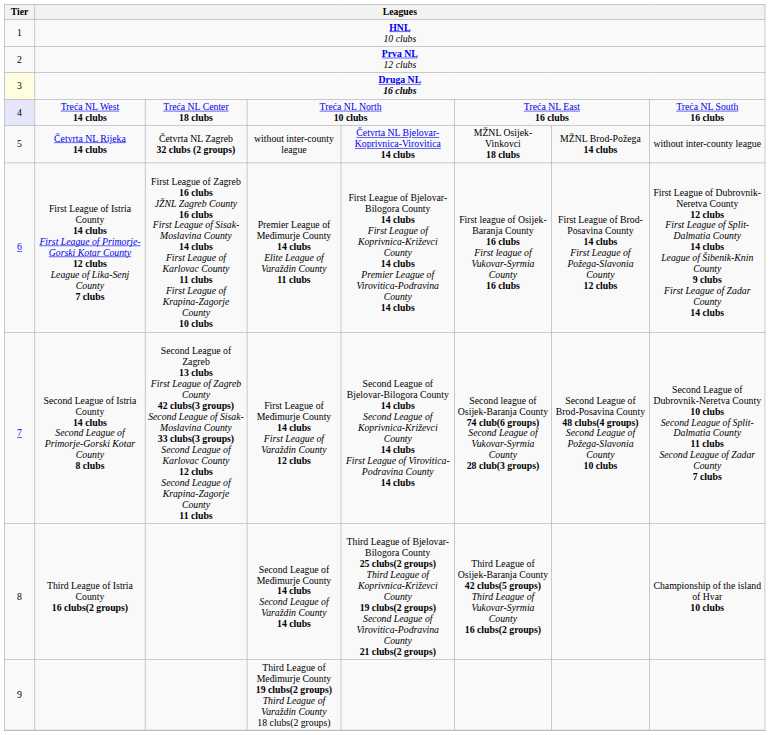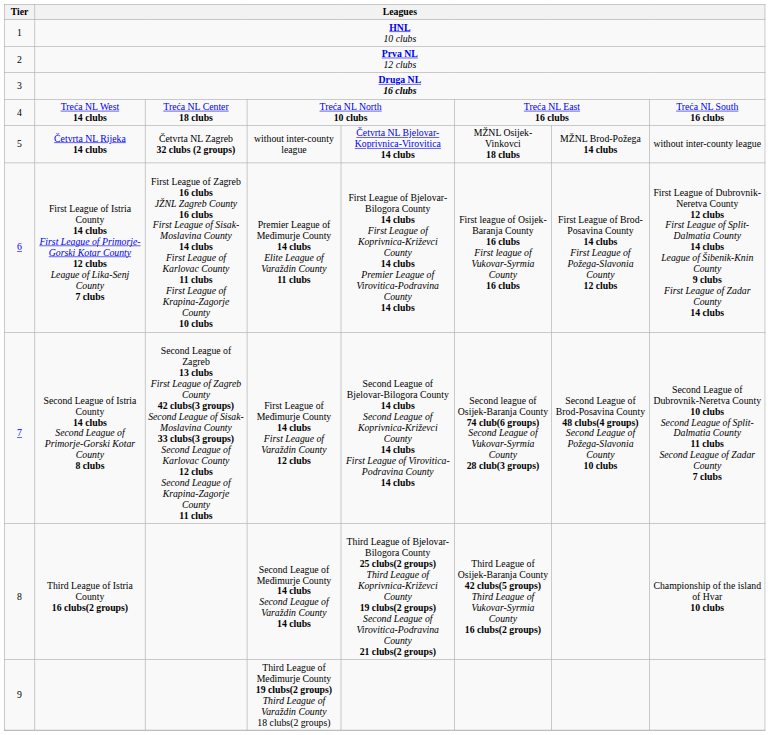 <table class="wikitable" style="text-align: center;">
 <tr>
 <th colspan="1">Tier</th>
 <th colspan="10">Leagues</th>
 </tr>
 <tr>
 <td colspan="1">1</td>
 <td colspan="8"><strong><a href='#'>HNL</a></strong><br><em>10 clubs</em></td>
 </tr>
 <tr>
 <td colspan="1">2</td>
 <td colspan="8"><strong><a href='#'>Prva NL</a></strong><br><em>12 clubs</em></td>
 </tr>
 <tr>
-<td style="background: lightyellow;">3</td>
+<td>3</td>
 <td colspan="7"><strong><a href='#'>Druga NL</a><br><strong><em>16 clubs<em></td>
 </tr>
 <tr>
-<td colspan="1" style="background: lavender;">4</td>
+<td colspan="1">4</td>
 <td colspan="1"></strong><a href='#'>Treća NL West</a><strong><br></em>14 clubs<em></td>
 <td colspan="1"></strong><a href='#'>Treća NL Center</a><strong><br></em>18 clubs<em></td>
 <td colspan="2"></strong><a href='#'>Treća NL North</a><strong><br></em>10 clubs<em></td>
 <td colspan="2"></strong><a href='#'>Treća NL East</a><strong><br></em>16 clubs<em></td>
 <td colspan="1"></strong><a href='#'>Treća NL South</a><strong><br></em>16 clubs<em></td>
 </tr>
 <tr>
 <td colspan="1">5</td>
 <td colspan="1"></strong><a href='#'>Četvrta NL Rijeka</a><strong><br></em>14 clubs<em></td>
 <td colspan="1"></strong>Četvrta NL Zagreb<strong><br></em>32 clubs (2 groups)<em></td>
 <td colspan="1"></em>without inter-county league<em></td>
 <td colspan="1"></strong><a href='#'>Četvrta NL Bjelovar-Koprivnica-Virovitica</a><strong><br></em>14 clubs<em></td>
 <td colspan="1"></strong>MŽNL Osijek-Vinkovci<strong><br></em>18 clubs<em></td>
 <td colspan="1"></strong>MŽNL Brod-Požega<strong><br></em>14 clubs<em></td>
 <td colspan="1"></em>without inter-county league<em></td>
 </tr>
 <tr>
 <td colspan="1"><a href='#'>6</a></td>
 <td colspan="1"><br></strong>First League of Istria County<strong><br></em>14 clubs<em><br> </strong><a href='#'>First League of Primorje-Gorski Kotar County</a><strong><br></em>12 clubs<em><br> </strong>League of Lika-Senj County<strong><br></em>7 clubs<em></td>
 <td colspan="1"><br></strong>First League of Zagreb<strong><br></em>16 clubs<em><br> </strong>JŽNL Zagreb County<strong><br></em>16 clubs<em><br> </strong>First League of Sisak-Moslavina County<strong><br></em>14 clubs<em><br> </strong>First League of Karlovac County<strong><br></em>11 clubs<em><br> </strong>First League of Krapina-Zagorje County<strong><br></em>10 clubs<em></td>
 <td colspan="1"><br></strong>Premier League of Međimurje County<strong><br></em>14 clubs<em><br> </strong>Elite League of Varaždin County<strong><br></em>11 clubs<em></td>
 <td colspan="1"><br></strong>First League of Bjelovar-Bilogora County<strong><br></em>14 clubs<em><br> </strong>First League of Koprivnica-Križevci County<strong><br></em>14 clubs<em><br> </strong>Premier League of<strong> </strong>Virovitica-Podravina County<strong><br></em>14 clubs<em></td>
 <td colspan="1"><br></strong>First league of Osijek-Baranja County<strong><br></em>16 clubs<em><br> </strong>First league of Vukovar-Syrmia County<strong><br></em>16 clubs<em></td>
 <td colspan="1"><br></strong>First League of Brod-Posavina County<strong><br></em>14 clubs<em><br> </strong>First League of Požega-Slavonia County<strong><br></em>12 clubs<em></td>
 <td colspan="1"><br></strong>First League of Dubrovnik-Neretva County<strong><br></em>12 clubs<em><br> </strong>First League of Split-Dalmatia County<strong><br></em>14 clubs<em><br> </strong>League of Šibenik-Knin County<strong><br></em>9 clubs<em><br> </strong>First League of Zadar County<strong><br></em>14 clubs<em></td>
 </tr>
 <tr>
 <td colspan="1"><br><a href='#'> 7</a></td>
 <td colspan="1"><br></strong>Second League of Istria County<strong><br></em>14 clubs<em><br> </strong>Second League of Primorje-Gorski Kotar County<strong><br></em>8 clubs<em></td>
 <td colspan="1"><br></strong>Second League of Zagreb<strong><br></em>13 clubs<em><br> </strong>First League of Zagreb County<strong><br></em>42 clubs(3 groups)<em><br> </strong>Second League of Sisak-Moslavina County<strong><br></em>33 clubs(3 groups)<em><br> </strong>Second League of Karlovac County<strong><br></em>12 clubs<em><br> </strong>Second League of Krapina-Zagorje County<strong><br></em>11 clubs<em></td>
 <td colspan="1"><br></strong>First League of Međimurje County<strong><br></em>14 clubs<em><br> </strong>First League of Varaždin County<strong><br></em>12 clubs<em></td>
 <td colspan="1"><br></strong>Second League of Bjelovar-Bilogora County<strong><br></em>14 clubs<em><br> </strong>Second League of Koprivnica-Križevci County<strong><br></em>14 clubs<em><br> </strong>First League of<strong> </strong>Virovitica-Podravina County<strong><br></em>14 clubs<em></td>
 <td colspan="1"><br></strong>Second league of Osijek-Baranja County<strong><br></em>74 club(6 groups)<em><br> </strong>Second League of Vukovar-Syrmia County<strong><br></em>28 club(3 groups)<em></td>
 <td colspan="1"><br></strong>Second League of Brod-Posavina County<strong><br></em>48 clubs(4 groups)<em><br> </strong>Second League of Požega-Slavonia County<strong><br></em>10 clubs<em></td>
 <td colspan="1"><br></strong>Second League of Dubrovnik-Neretva County<strong><br></em>10 clubs<em><br> </strong>Second League of Split-Dalmatia County<strong><br></em>11 clubs<em><br> </strong>Second League of Zadar County<strong><br></em>7 clubs<em></td>
 </tr>
 <tr>
 <td colspan="1" width="4%"><br>8</td>
 <td colspan="1"><br></strong>Third League of Istria County<strong><br></em>16 clubs(2 groups)<em></td>
 <td colspan="1"></td>
 <td colspan="1"><br></strong>Second League of Međimurje County<strong><br></em>14 clubs<em><br> </strong>Second League of Varaždin County<strong><br></em>14 clubs<em></td>
 <td colspan="1"><br></strong>Third League of Bjelovar-Bilogora County<strong><br></em>25 clubs(2 groups)<em><br> </strong>Third League of Koprivnica-Križevci County<strong><br></em>19 clubs(2 groups)<em><br> </strong>Second League of Virovitica-Podravina County<strong><br></em>21 clubs(2 groups)<em></td>
 <td colspan="1"><br></strong>Third League of Osijek-Baranja County<strong><br></em>42 clubs(5 groups)<em><br> </strong>Third League of Vukovar-Syrmia County<strong><br></em>16 clubs(2 groups)<em></td>
 <td colspan="1"></td>
 <td colspan="1"><br></strong>Championship of the island of Hvar<strong><br></em>10 clubs<em></td>
 </tr>
 <tr>
 <td>9</td>
 <td></td>
 <td></td>
 <td></strong>Third League of Međimurje County<strong><br></em>19 clubs(2 groups)<em><br></strong>Third League of Varaždin County</em></strong><br>18 clubs(2 groups)</em></td>
 <td></td>
 <td></td>
 <td></td>
 <td></td>
 </tr>
 <tr>
 </tr>
 </table>
